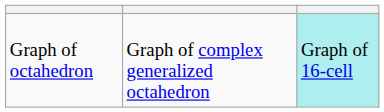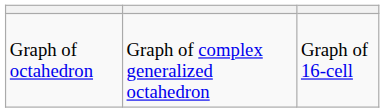 <table class="wikitable skin-invert-image" align=right width=320>
 <tr>
 <th></th>
 <th></th>
 <th></th>
 </tr>
 <tr valign=top>
 <td><br>Graph of <a href='#'>octahedron</a></td>
 <td><br>Graph of <a href='#'>complex generalized octahedron</a></td>
-<td style="background: paleturquoise;"><br>Graph of <a href='#'>16-cell</a></td>
+<td><br>Graph of <a href='#'>16-cell</a></td>
 </tr>
 </table>
